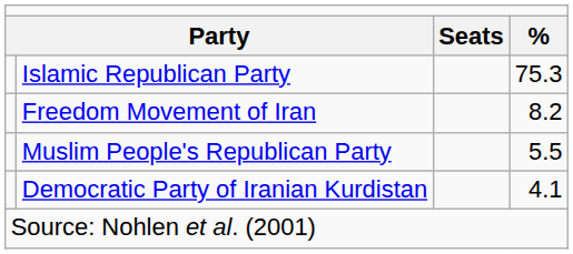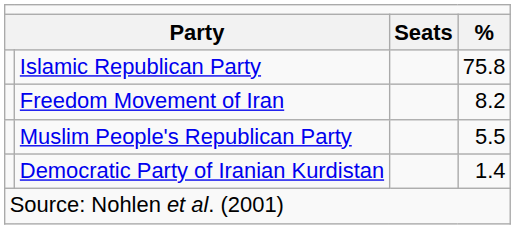 <table class=wikitable style=text-align:right>
 <tr>
 <td colspan="15"></td>
 </tr>
 <tr>
 <th colspan="2">Party</th>
 <th>Seats</th>
 <th>%</th>
 </tr>
 <tr>
 <td style="background:"></td>
 <td align=left><a href='#'>Islamic Republican Party</a></td>
 <td></td>
-<td>75.3</td>
+<td>75.8</td>
 </tr>
 <tr>
 <td style="background:"></td>
 <td align=left><a href='#'>Freedom Movement of Iran</a></td>
 <td></td>
 <td>8.2</td>
 </tr>
 <tr>
 <td style="background:"></td>
 <td align=left><a href='#'>Muslim People's Republican Party</a></td>
 <td></td>
 <td>5.5</td>
 </tr>
 <tr>
 <td style="background:"></td>
 <td align=left><a href='#'>Democratic Party of Iranian Kurdistan</a></td>
 <td></td>
-<td>4.1</td>
+<td>1.4</td>
 </tr>
 <tr>
 <td colspan=4 align=left>Source: Nohlen <em>et al</em>. (2001)</td>
 </tr>
 </table>
